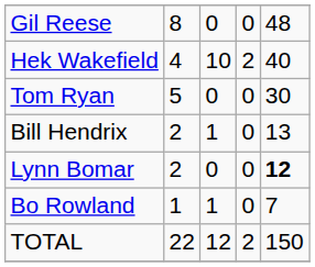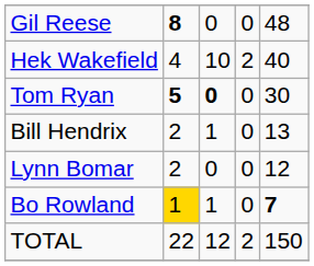 <table class="wikitable">
 <tr>
 </tr>
 <tr>
 <td><a href='#'>Gil Reese</a></td>
-<td>8</td>
+<td><strong>8</strong></td>
 <td>0</td>
 <td>0</td>
 <td>48</td>
 </tr>
 <tr>
 <td><a href='#'>Hek Wakefield</a></td>
 <td>4</td>
 <td>10</td>
 <td>2</td>
 <td>40</td>
 </tr>
 <tr>
 <td><a href='#'>Tom Ryan</a></td>
-<td>5</td>
-<td>0</td>
+<td><strong>5</strong></td>
+<td><strong>0</strong></td>
 <td>0</td>
 <td>30</td>
 </tr>
 <tr>
 <td>Bill Hendrix</td>
 <td>2</td>
 <td>1</td>
 <td>0</td>
 <td>13</td>
 </tr>
 <tr>
 <td><a href='#'>Lynn Bomar</a></td>
 <td>2</td>
 <td>0</td>
 <td>0</td>
-<td><strong>12</strong></td>
+<td>12</td>
 </tr>
 <tr>
 <td><a href='#'>Bo Rowland</a></td>
-<td>1</td>
+<td style="background: gold;">1</td>
 <td>1</td>
 <td>0</td>
-<td>7</td>
+<td><strong>7</strong></td>
 </tr>
 <tr>
 <td>TOTAL</td>
 <td>22</td>
 <td>12</td>
 <td>2</td>
 <td>150</td>
 </tr>
 <tr>
 </tr>
 </table>
